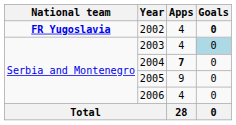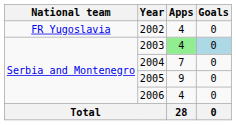 <table class="wikitable" style="text-align:center">
 <tr>
 <th>National team</th>
 <th>Year</th>
 <th>Apps</th>
 <th>Goals</th>
 </tr>
 <tr>
-<td rowspan="1" style="vertical-align:center"><strong><a href='#'>FR Yugoslavia</a></strong></td>
+<td rowspan="1" style="vertical-align:center"><a href='#'>FR Yugoslavia</a></td>
 <td>2002</td>
 <td>4</td>
-<td><strong>0</strong></td>
+<td>0</td>
 </tr>
 <tr>
 <td rowspan="4" style="vertical-align:center"><a href='#'>Serbia and Montenegro</a></td>
 <td>2003</td>
-<td>4</td>
+<td style="background: lightgreen;">4</td>
 <td style="background: lightblue;">0</td>
 </tr>
 <tr>
 <td>2004</td>
-<td><strong>7</strong></td>
+<td>7</td>
 <td>0</td>
 </tr>
 <tr>
 <td>2005</td>
 <td>9</td>
 <td>0</td>
 </tr>
 <tr>
 <td>2006</td>
 <td>4</td>
 <td>0</td>
 </tr>
 <tr>
 <th colspan="2">Total</th>
 <th>28</th>
 <th>0</th>
 </tr>
 </table>
